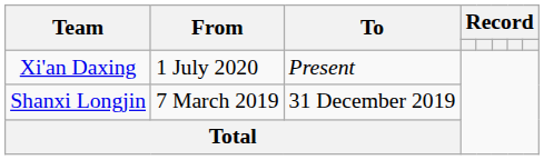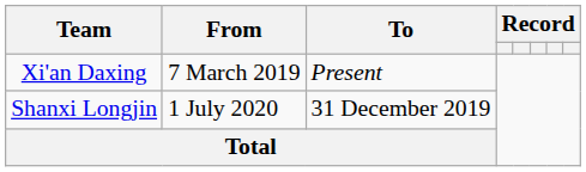 <table class="wikitable" style="text-align:center">
 <tr>
 <th rowspan="2">Team</th>
 <th rowspan="2">From</th>
 <th rowspan="2">To</th>
 <th colspan="5">Record</th>
 </tr>
 <tr>
 <th></th>
 <th></th>
 <th></th>
 <th></th>
 <th></th>
 </tr>
 <tr>
 <td><a href='#'>Xi'an Daxing</a></td>
-<td align=left>1 July 2020</td>
+<td align=left>7 March 2019</td>
 <td align=left><em>Present</em><br></td>
 </tr>
 <tr>
 <td><a href='#'>Shanxi Longjin</a></td>
-<td align=left>7 March 2019</td>
+<td align=left>1 July 2020</td>
 <td align=left>31 December 2019<br></td>
 </tr>
 <tr>
 <th colspan="3">Total<br></th>
 </tr>
 </table>
